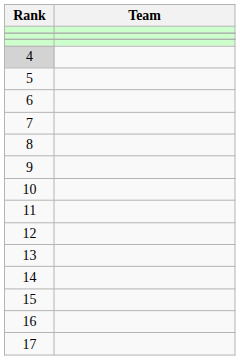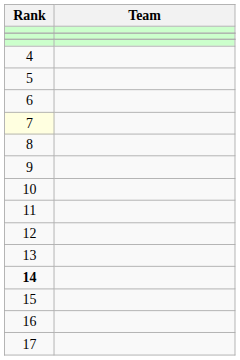 <table class="wikitable" style="text-align: center">
 <tr>
 <th width=50>Rank</th>
 <th width=200>Team</th>
 </tr>
 <tr bgcolor=ccffcc>
 <td></td>
 <td align=left></td>
 </tr>
 <tr>
 </tr>
 <tr bgcolor=ccffcc>
 <td></td>
 <td align=left></td>
 </tr>
 <tr>
 </tr>
 <tr bgcolor=ccffcc>
 <td></td>
 <td align=left></td>
 </tr>
 <tr>
-<td style="background: lightgrey;">4</td>
+<td>4</td>
 <td align=left></td>
 </tr>
 <tr>
 <td>5</td>
 <td align=left></td>
 </tr>
 <tr>
 <td>6</td>
 <td align=left></td>
 </tr>
 <tr>
-<td>7</td>
+<td style="background: lightyellow;">7</td>
 <td align=left></td>
 </tr>
 <tr>
 <td>8</td>
 <td align=left></td>
 </tr>
 <tr>
 <td>9</td>
 <td align=left></td>
 </tr>
 <tr>
 <td>10</td>
 <td align=left></td>
 </tr>
 <tr>
 <td>11</td>
 <td align=left></td>
 </tr>
 <tr>
 <td>12</td>
 <td align=left></td>
 </tr>
 <tr>
 <td>13</td>
 <td align=left></td>
 </tr>
 <tr>
-<td>14</td>
+<td><strong>14</strong></td>
 <td align=left></td>
 </tr>
 <tr>
 <td>15</td>
 <td align=left></td>
 </tr>
 <tr>
 <td>16</td>
 <td align=left></td>
 </tr>
 <tr>
 <td>17</td>
 <td align=left></td>
 </tr>
 </table>
